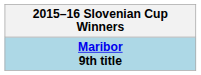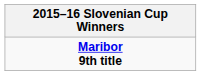 <table class="wikitable" style="text-align: center; margin: 0 auto; width: 20%">
 <tr>
 <th>2015–16 Slovenian Cup<br> Winners</th>
 </tr>
 <tr>
-<td style="background: lightblue;"><strong><a href='#'>Maribor</a></strong> <br><strong>9th title</strong></td>
+<td><strong><a href='#'>Maribor</a></strong> <br><strong>9th title</strong></td>
 </tr>
 </table>
